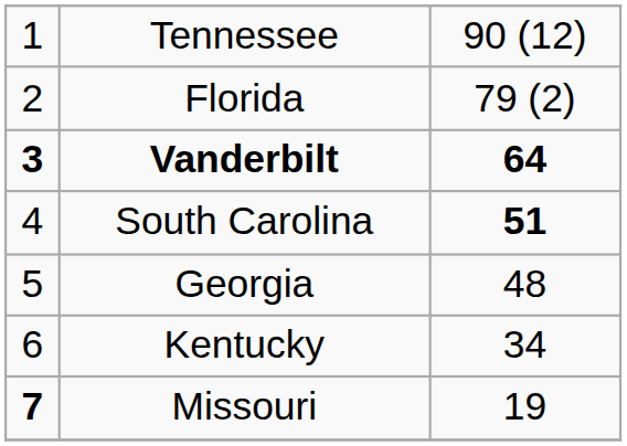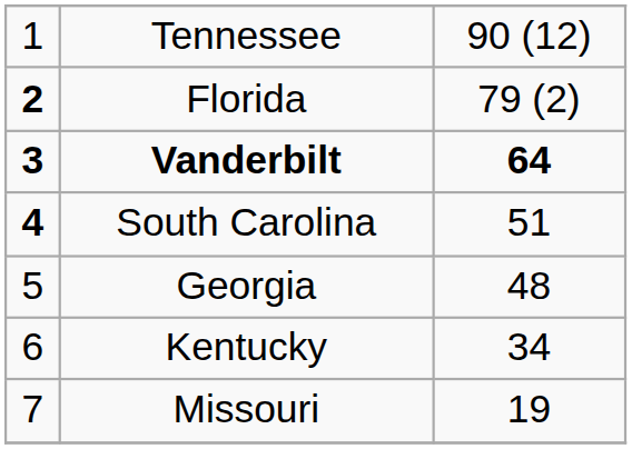 <table class="wikitable" style="width: 20%;text-align: center;">
 <tr align="center">
 </tr>
 <tr align="center">
 <td>1</td>
 <td>Tennessee</td>
 <td>90 (12)</td>
 </tr>
 <tr>
-<td>2</td>
+<td><strong>2</strong></td>
 <td>Florida</td>
 <td>79 (2)</td>
 </tr>
 <tr>
 <td><strong>3</strong></td>
 <td><strong>Vanderbilt</strong></td>
 <td><strong>64</strong></td>
 </tr>
 <tr>
-<td>4</td>
+<td><strong>4</strong></td>
 <td>South Carolina</td>
-<td><strong>51</strong></td>
+<td>51</td>
 </tr>
 <tr>
 <td>5</td>
 <td>Georgia</td>
 <td>48</td>
 </tr>
 <tr>
 <td>6</td>
 <td>Kentucky</td>
 <td>34</td>
 </tr>
 <tr>
-<td><strong>7</strong></td>
+<td>7</td>
 <td>Missouri</td>
 <td>19</td>
 </tr>
 <tr>
 </tr>
 </table>
